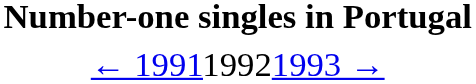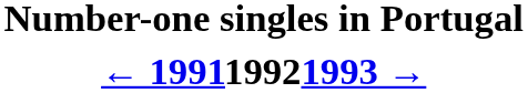 <table class="toc" id="toc" summary="Contents">
 <tr>
 <th>Number-one singles in Portugal</th>
 </tr>
 <tr>
-<td align="center"><a href='#'>← 1991</a>1992<a href='#'>1993 →</a></td>
+<td align="center"><strong><a href='#'>← 1991</a>1992<a href='#'>1993 →</a></strong></td>
 </tr>
 </table>
